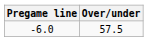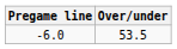 <table class="wikitable" style="margin-left: auto; margin-right: auto; border: none; display: inline-table;">
 <tr align="center">
 <th style=>Pregame line</th>
 <th style=>Over/under</th>
 </tr>
 <tr align="center">
 <td>-6.0</td>
-<td>57.5</td>
+<td>53.5</td>
 </tr>
 </table>
